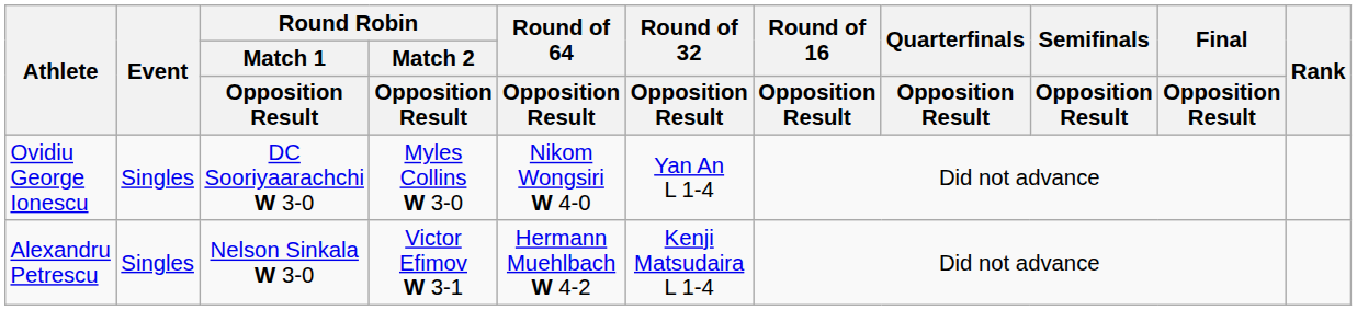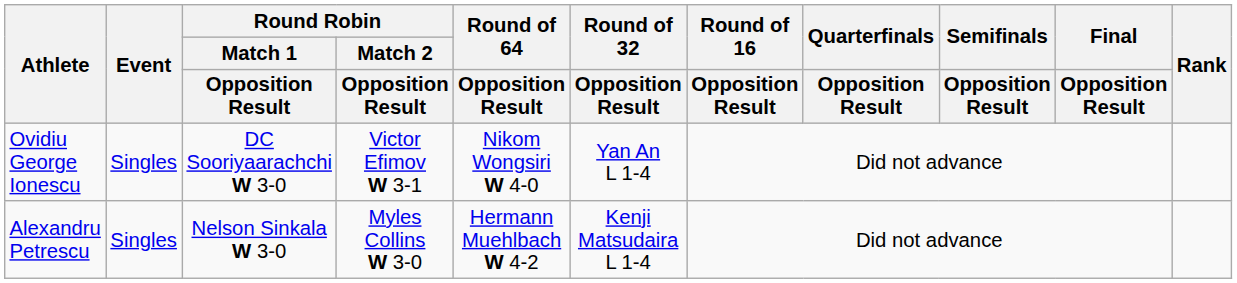 <table class="wikitable" border="1" style="font-size:90%">
 <tr>
 <th rowspan=3>Athlete</th>
 <th rowspan=3>Event</th>
 <th colspan=2>Round Robin</th>
 <th rowspan=2>Round of 64</th>
 <th rowspan=2>Round of 32</th>
 <th rowspan=2>Round of 16</th>
 <th rowspan=2>Quarterfinals</th>
 <th rowspan=2>Semifinals</th>
 <th rowspan=2>Final</th>
 <th rowspan=3>Rank</th>
 </tr>
 <tr>
 <th>Match 1</th>
 <th>Match 2</th>
 </tr>
 <tr>
 <th>Opposition<br>Result</th>
 <th>Opposition<br>Result</th>
 <th>Opposition<br>Result</th>
 <th>Opposition<br>Result</th>
 <th>Opposition<br>Result</th>
 <th>Opposition<br>Result</th>
 <th>Opposition<br>Result</th>
 <th>Opposition<br>Result</th>
 </tr>
 <tr>
 <td><a href='#'>Ovidiu George Ionescu</a></td>
 <td><a href='#'>Singles</a></td>
 <td align=center> <a href='#'>DC Sooriyaarachchi</a><br><strong>W</strong> 3-0</td>
-<td align=center> <a href='#'>Myles Collins</a><br><strong>W</strong> 3-0</td>
+<td align=center> <a href='#'>Victor Efimov</a><br><strong>W</strong> 3-1</td>
 <td align=center> <a href='#'>Nikom Wongsiri</a><br><strong>W</strong> 4-0</td>
 <td align=center> <a href='#'>Yan An</a><br> L 1-4</td>
 <td colspan="4" align=center>Did not advance</td>
 <td align=center></td>
 </tr>
 <tr>
 <td><a href='#'>Alexandru Petrescu</a></td>
 <td><a href='#'>Singles</a></td>
 <td align=center> <a href='#'>Nelson Sinkala</a><br><strong>W</strong> 3-0</td>
-<td align=center> <a href='#'>Victor Efimov</a><br><strong>W</strong> 3-1</td>
+<td align=center> <a href='#'>Myles Collins</a><br><strong>W</strong> 3-0</td>
 <td align=center> <a href='#'>Hermann Muehlbach</a><br><strong>W</strong> 4-2</td>
 <td align=center> <a href='#'>Kenji Matsudaira</a><br> L 1-4</td>
 <td colspan="4" align=center>Did not advance</td>
 <td align=center></td>
 </tr>
 </table>
